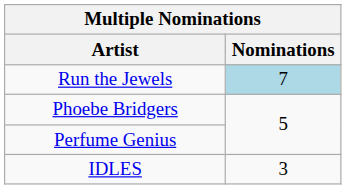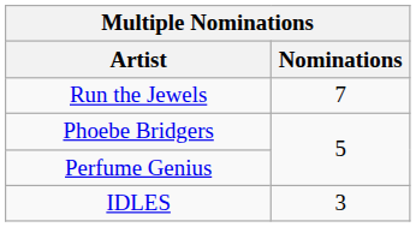 <table class="wikitable sortable" style="text-align: center">
 <tr>
 <th colspan="2" align="center">Multiple Nominations</th>
 </tr>
 <tr>
 <th style="width:180px;">Artist</th>
 <th style="width:090px;">Nominations</th>
 </tr>
 <tr>
 <td><a href='#'>Run the Jewels</a></td>
-<td style="background: lightblue;">7</td>
+<td>7</td>
 </tr>
 <tr>
 <td><a href='#'>Phoebe Bridgers</a></td>
 <td rowspan="2">5</td>
 </tr>
 <tr>
 <td><a href='#'>Perfume Genius</a></td>
 </tr>
 <tr>
 <td><a href='#'>IDLES</a></td>
 <td>3</td>
 </tr>
 </table>
